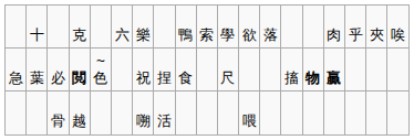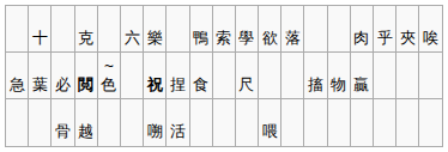 <table class="wikitable" style=text-align:center>
 <tr>
 <td></td>
 <td><br>十</td>
 <td></td>
 <td><br>克</td>
 <td></td>
 <td><br>六</td>
 <td><br>樂</td>
 <td></td>
 <td><br>鴨</td>
 <td><br>索</td>
 <td><br>學</td>
 <td><br>欲</td>
 <td><br>落</td>
 <td></td>
 <td></td>
 <td><br>肉</td>
 <td><br>乎</td>
 <td><br>夾</td>
 <td><br>唉</td>
 </tr>
 <tr>
 <td><br>急</td>
 <td><br>葉</td>
 <td><br>必</td>
 <td><strong><br>閲</strong></td>
 <td>~<br>色</td>
 <td></td>
-<td><br>祝</td>
+<td><strong><br>祝</strong></td>
 <td><br>捏</td>
 <td><br>食</td>
 <td></td>
 <td><br>尺</td>
 <td></td>
 <td></td>
 <td><br>搐</td>
-<td><strong><br>物</strong></td>
-<td><strong><br>贏</strong></td>
+<td><br>物</td>
+<td><br>贏</td>
 <td></td>
 <td></td>
 <td></td>
 </tr>
 <tr>
 <td></td>
 <td></td>
 <td><br>骨</td>
 <td><br>越</td>
 <td></td>
 <td></td>
 <td><br>嗍</td>
 <td><br>活</td>
 <td></td>
 <td></td>
 <td></td>
 <td><br>喂</td>
 <td></td>
 <td></td>
 <td></td>
 <td></td>
 <td></td>
 <td></td>
 <td></td>
 </tr>
 </table>
